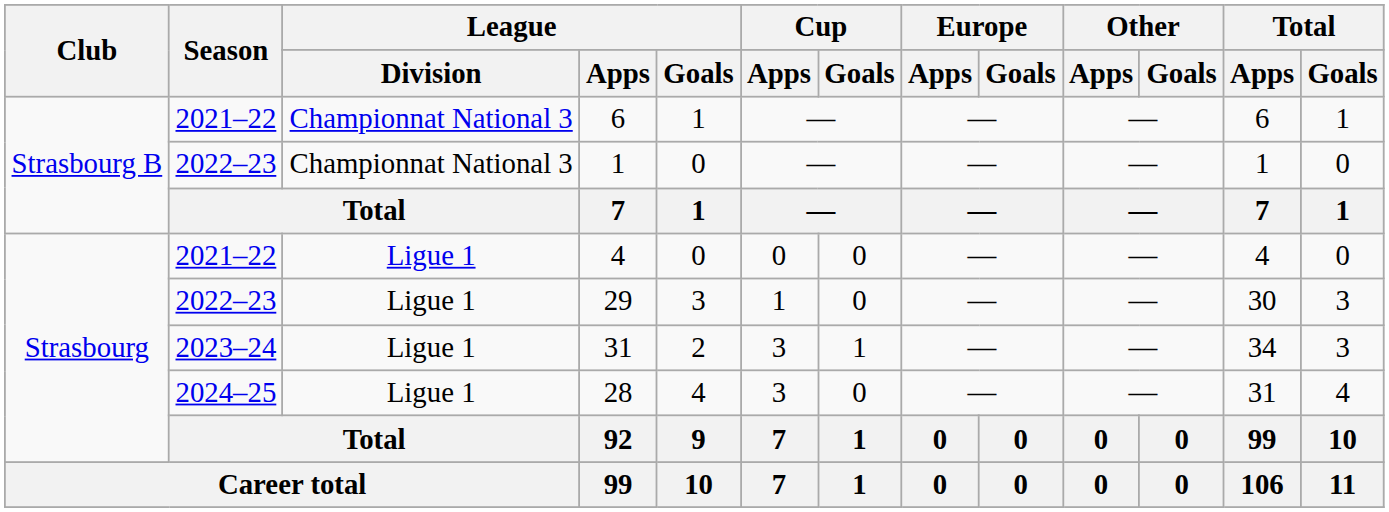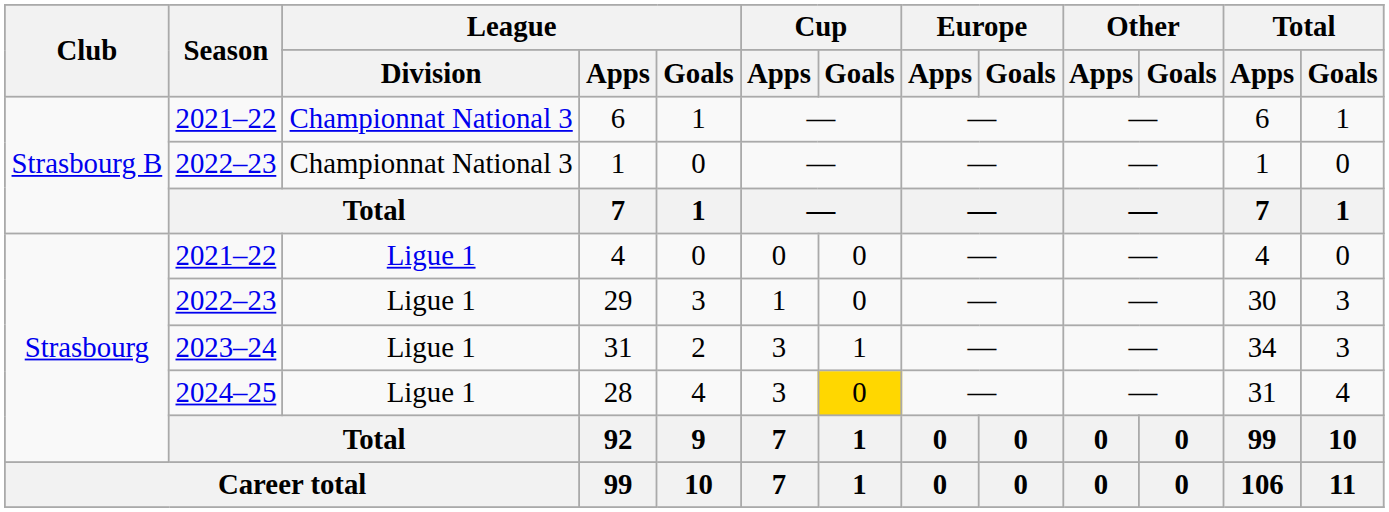 <table class="wikitable" style="text-align: center">
 <tr>
 <th rowspan="2">Club</th>
 <th rowspan="2">Season</th>
 <th colspan="3">League</th>
 <th colspan="2">Cup</th>
 <th colspan="2">Europe</th>
 <th colspan="2">Other</th>
 <th colspan="2">Total</th>
 </tr>
 <tr>
 <th>Division</th>
 <th>Apps</th>
 <th>Goals</th>
 <th>Apps</th>
 <th>Goals</th>
 <th>Apps</th>
 <th>Goals</th>
 <th>Apps</th>
 <th>Goals</th>
 <th>Apps</th>
 <th>Goals</th>
 </tr>
 <tr>
 <td rowspan="3"><a href='#'>Strasbourg B</a></td>
 <td><a href='#'>2021–22</a></td>
 <td><a href='#'>Championnat National 3</a></td>
 <td>6</td>
 <td>1</td>
 <td colspan="2">—</td>
 <td colspan="2">—</td>
 <td colspan="2">—</td>
 <td>6</td>
 <td>1</td>
 </tr>
 <tr>
 <td><a href='#'>2022–23</a></td>
 <td>Championnat National 3</td>
 <td>1</td>
 <td>0</td>
 <td colspan="2">—</td>
 <td colspan="2">—</td>
 <td colspan="2">—</td>
 <td>1</td>
 <td>0</td>
 </tr>
 <tr>
 <th colspan="2">Total</th>
 <th>7</th>
 <th>1</th>
 <th colspan="2">—</th>
 <th colspan="2">—</th>
 <th colspan="2">—</th>
 <th>7</th>
 <th>1</th>
 </tr>
 <tr>
 <td rowspan="5"><a href='#'>Strasbourg</a></td>
 <td><a href='#'>2021–22</a></td>
 <td><a href='#'>Ligue 1</a></td>
 <td>4</td>
 <td>0</td>
 <td>0</td>
 <td>0</td>
 <td colspan="2">—</td>
 <td colspan="2">—</td>
 <td>4</td>
 <td>0</td>
 </tr>
 <tr>
 <td><a href='#'>2022–23</a></td>
 <td>Ligue 1</td>
 <td>29</td>
 <td>3</td>
 <td>1</td>
 <td>0</td>
 <td colspan="2">—</td>
 <td colspan="2">—</td>
 <td>30</td>
 <td>3</td>
 </tr>
 <tr>
 <td><a href='#'>2023–24</a></td>
 <td>Ligue 1</td>
 <td>31</td>
 <td>2</td>
 <td>3</td>
 <td>1</td>
 <td colspan="2">—</td>
 <td colspan="2">—</td>
 <td>34</td>
 <td>3</td>
 </tr>
 <tr>
 <td><a href='#'>2024–25</a></td>
 <td>Ligue 1</td>
 <td>28</td>
 <td>4</td>
 <td>3</td>
-<td>0</td>
+<td style="background: gold;">0</td>
 <td colspan="2">—</td>
 <td colspan="2">—</td>
 <td>31</td>
 <td>4</td>
 </tr>
 <tr>
 <th colspan="2">Total</th>
 <th>92</th>
 <th>9</th>
 <th>7</th>
 <th>1</th>
 <th>0</th>
 <th>0</th>
 <th>0</th>
 <th>0</th>
 <th>99</th>
 <th>10</th>
 </tr>
 <tr>
 <th colspan="3">Career total</th>
 <th>99</th>
 <th>10</th>
 <th>7</th>
 <th>1</th>
 <th>0</th>
 <th>0</th>
 <th>0</th>
 <th>0</th>
 <th>106</th>
 <th>11</th>
 </tr>
 </table>
